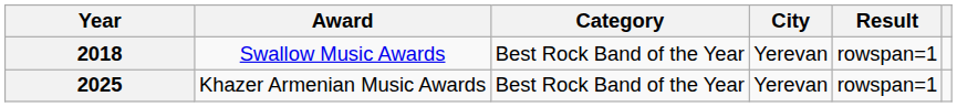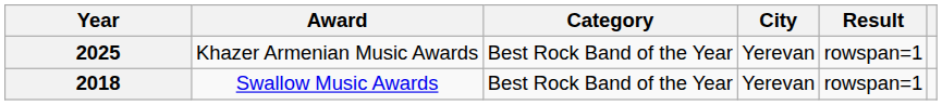 <table class="wikitable plainrowheaders unsortable" style="text-align:center">
 <tr>
 <th style="width:20%;">Year</th>
 <th>Award</th>
 <th>Category</th>
 <th>City</th>
 <th>Result</th>
 <th></th>
 </tr>
 <tr>
+<th scope="row">2025</th>
+<td>Khazer Armenian Music Awards</td>
+<td>Best Rock Band of the Year</td>
+<td>Yerevan</td>
+<td>rowspan=1  </td>
+<td></td>
+</tr>
+<tr>
 <th scope="row">2018</th>
 <td><a href='#'>Swallow Music Awards</a></td>
 <td>Best Rock Band of the Year</td>
 <td>Yerevan</td>
 <td>rowspan=1  </td>
 <td></td>
 </tr>
-<tr>
-<th scope="row">2025</th>
-<td>Khazer Armenian Music Awards</td>
-<td>Best Rock Band of the Year</td>
-<td>Yerevan</td>
-<td>rowspan=1  </td>
-<td></td>
-</tr>
 </table>
